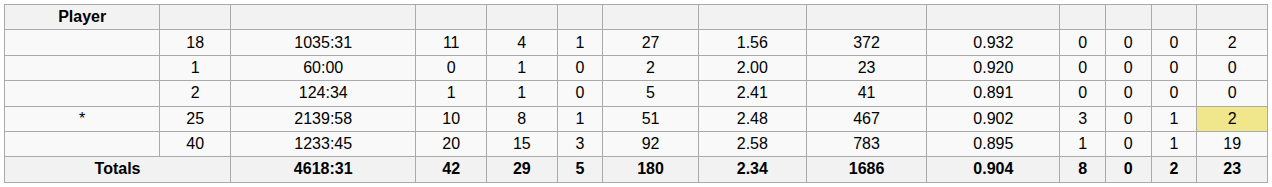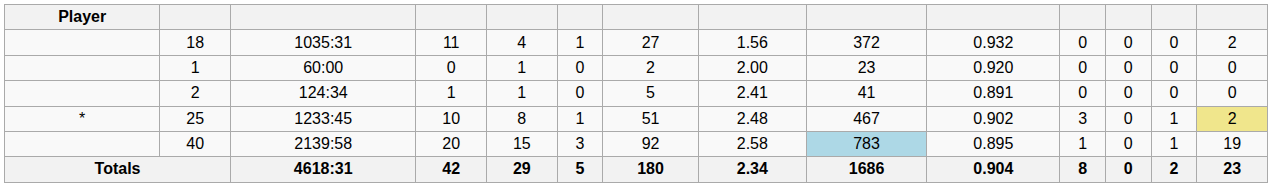 <table class="wikitable sortable" style="width:100%; text-align:center;">
 <tr>
 <th>Player</th>
 <th></th>
 <th></th>
 <th></th>
 <th></th>
 <th></th>
 <th></th>
 <th></th>
 <th></th>
 <th></th>
 <th></th>
 <th></th>
 <th></th>
 <th></th>
 </tr>
 <tr>
 <td></td>
 <td>18</td>
 <td>1035:31</td>
 <td>11</td>
 <td>4</td>
 <td>1</td>
 <td>27</td>
 <td>1.56</td>
 <td>372</td>
 <td>0.932</td>
 <td>0</td>
 <td>0</td>
 <td>0</td>
 <td>2</td>
 </tr>
 <tr>
 <td></td>
 <td>1</td>
 <td>60:00</td>
 <td>0</td>
 <td>1</td>
 <td>0</td>
 <td>2</td>
 <td>2.00</td>
 <td>23</td>
 <td>0.920</td>
 <td>0</td>
 <td>0</td>
 <td>0</td>
 <td>0</td>
 </tr>
 <tr>
 <td></td>
 <td>2</td>
 <td>124:34</td>
 <td>1</td>
 <td>1</td>
 <td>0</td>
 <td>5</td>
 <td>2.41</td>
 <td>41</td>
 <td>0.891</td>
 <td>0</td>
 <td>0</td>
 <td>0</td>
 <td>0</td>
 </tr>
 <tr>
 <td>*</td>
 <td>25</td>
-<td>2139:58</td>
+<td>1233:45</td>
 <td>10</td>
 <td>8</td>
 <td>1</td>
 <td>51</td>
 <td>2.48</td>
 <td>467</td>
 <td>0.902</td>
 <td>3</td>
 <td>0</td>
 <td>1</td>
 <td style="background: khaki;">2</td>
 </tr>
 <tr>
 <td></td>
 <td>40</td>
-<td>1233:45</td>
+<td>2139:58</td>
 <td>20</td>
 <td>15</td>
 <td>3</td>
 <td>92</td>
 <td>2.58</td>
-<td>783</td>
+<td style="background: lightblue;">783</td>
 <td>0.895</td>
 <td>1</td>
 <td>0</td>
 <td>1</td>
 <td>19</td>
 </tr>
 <tr class="unsortable">
 <th colspan=2>Totals</th>
 <th>4618:31</th>
 <th>42</th>
 <th>29</th>
 <th>5</th>
 <th>180</th>
 <th>2.34</th>
 <th>1686</th>
 <th>0.904</th>
 <th>8</th>
 <th>0</th>
 <th>2</th>
 <th>23</th>
 </tr>
 </table>
